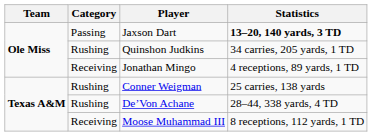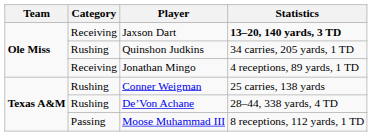 <table class="wikitable" style="float: right;">
 <tr>
 <th>Team</th>
 <th>Category</th>
 <th>Player</th>
 <th>Statistics</th>
 </tr>
 <tr>
 <td rowspan=3><strong>Ole Miss</strong></td>
-<td>Passing</td>
+<td>Receiving</td>
 <td>Jaxson Dart</td>
 <td><strong>13–20, 140 yards, 3 TD</strong></td>
 </tr>
 <tr>
 <td>Rushing</td>
 <td>Quinshon Judkins</td>
 <td>34 carries, 205 yards, 1 TD</td>
 </tr>
 <tr>
 <td>Receiving</td>
 <td>Jonathan Mingo</td>
 <td>4 receptions, 89 yards, 1 TD</td>
 </tr>
 <tr>
 <td rowspan=3><strong>Texas A&M</strong></td>
 <td>Rushing</td>
 <td><a href='#'>Conner Weigman</a></td>
 <td>25 carries, 138 yards</td>
 </tr>
 <tr>
 <td>Rushing</td>
 <td><a href='#'>De’Von Achane</a></td>
 <td>28–44, 338 yards, 4 TD</td>
 </tr>
 <tr>
-<td>Receiving</td>
+<td>Passing</td>
 <td><a href='#'>Moose Muhammad III</a></td>
 <td>8 receptions, 112 yards, 1 TD</td>
 </tr>
 </table>
